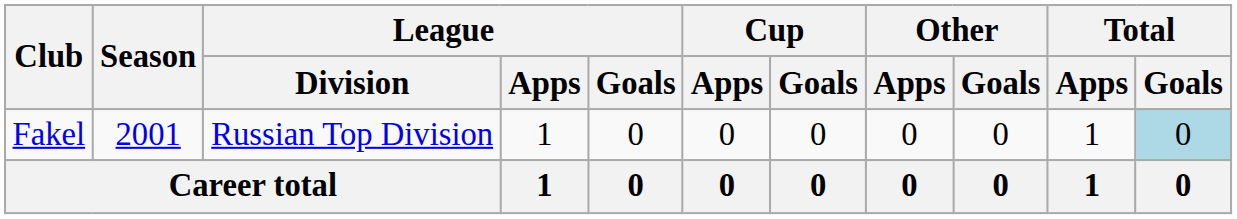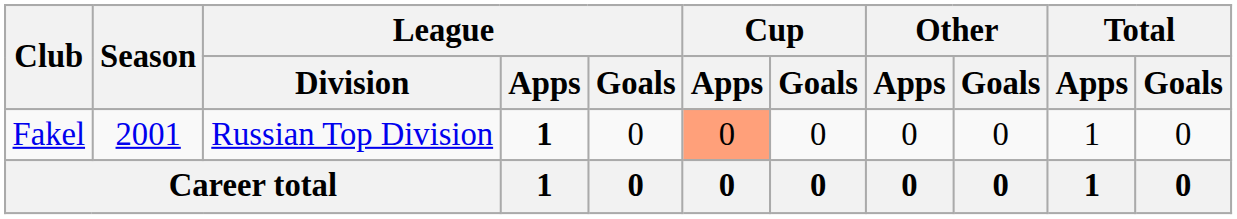 <table class="wikitable" style="text-align: center">
 <tr>
 <th rowspan="2">Club</th>
 <th rowspan="2">Season</th>
 <th colspan="3">League</th>
 <th colspan="2">Cup</th>
 <th colspan="2">Other</th>
 <th colspan="2">Total</th>
 </tr>
 <tr>
 <th>Division</th>
 <th>Apps</th>
 <th>Goals</th>
 <th>Apps</th>
 <th>Goals</th>
 <th>Apps</th>
 <th>Goals</th>
 <th>Apps</th>
 <th>Goals</th>
 </tr>
 <tr>
 <td><a href='#'>Fakel</a></td>
 <td><a href='#'>2001</a></td>
 <td><a href='#'>Russian Top Division</a></td>
-<td>1</td>
+<td><strong>1</strong></td>
 <td>0</td>
-<td>0</td>
+<td style="background: lightsalmon;">0</td>
 <td>0</td>
 <td>0</td>
 <td>0</td>
 <td>1</td>
-<td style="background: lightblue;">0</td>
+<td>0</td>
 </tr>
 <tr>
 <th colspan="3">Career total</th>
 <th>1</th>
 <th>0</th>
 <th>0</th>
 <th>0</th>
 <th>0</th>
 <th>0</th>
 <th>1</th>
 <th>0</th>
 </tr>
 </table>
